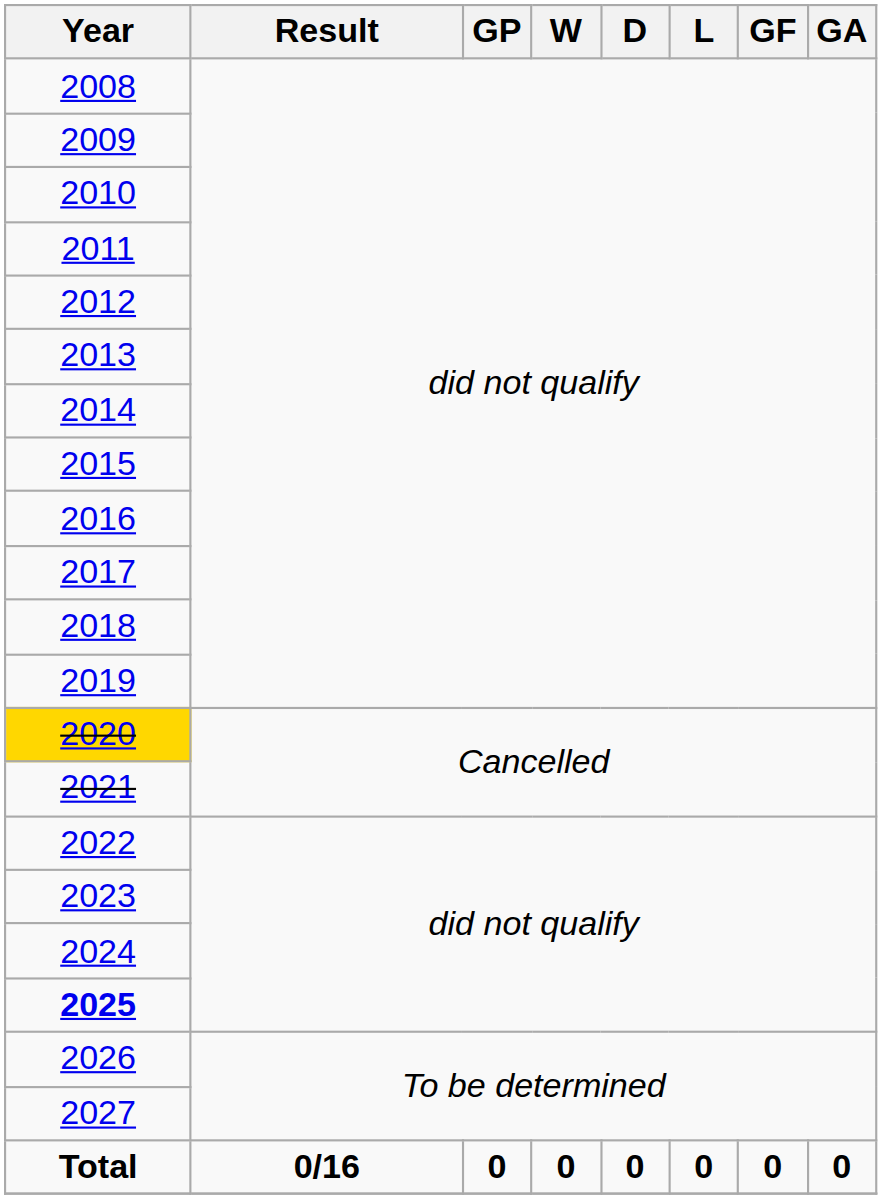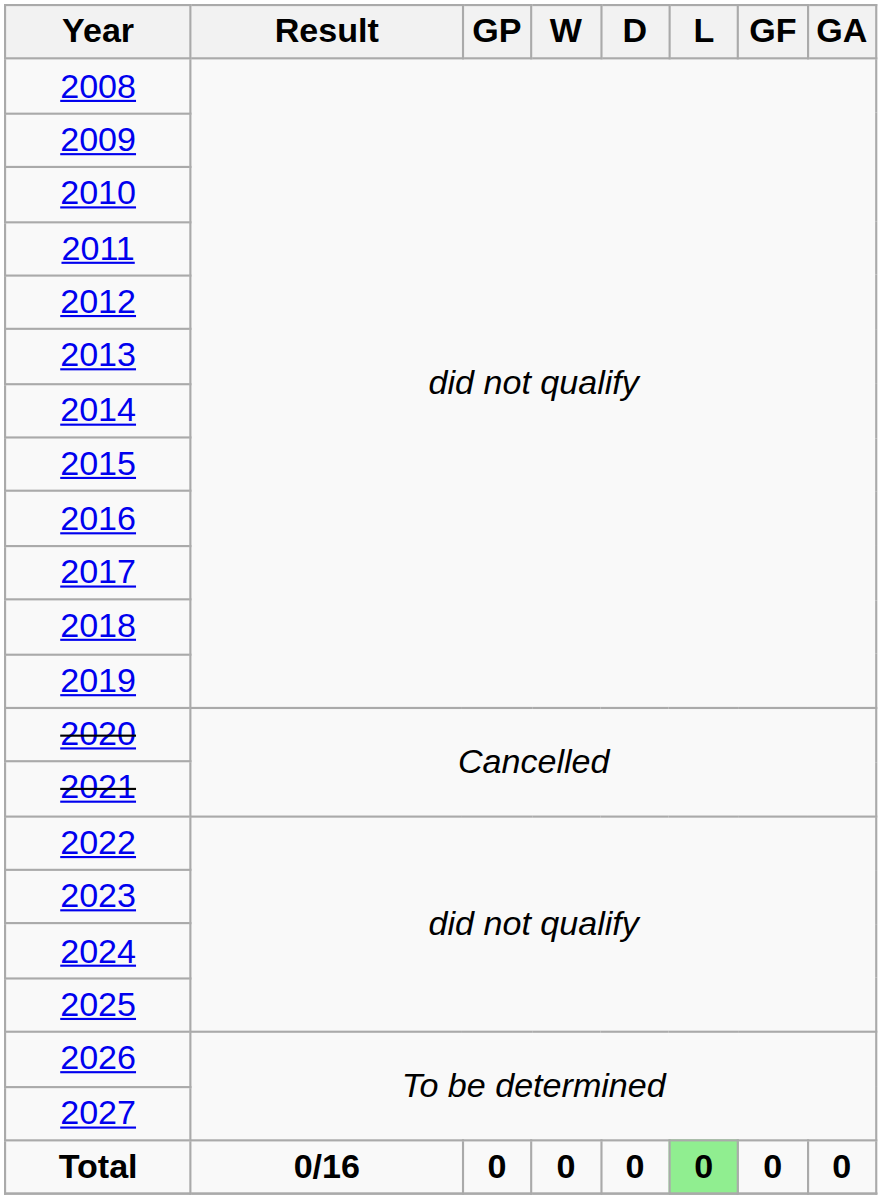 <table class="wikitable" style="text-align: center;">
 <tr>
 <th width=80>Year</th>
 <th width=120>Result</th>
 <th width=25>GP</th>
 <th width=25>W</th>
 <th width=25>D</th>
 <th width=25>L</th>
 <th width=25>GF</th>
 <th width=25>GA</th>
 </tr>
 <tr>
 <td> <a href='#'>2008</a></td>
 <td colspan=7 rowspan=12><em>did not qualify</em></td>
 </tr>
 <tr>
 <td> <a href='#'>2009</a></td>
 </tr>
 <tr>
 <td> <a href='#'>2010</a></td>
 </tr>
 <tr>
 <td> <a href='#'>2011</a></td>
 </tr>
 <tr>
 <td> <a href='#'>2012</a></td>
 </tr>
 <tr>
 <td> <a href='#'>2013</a></td>
 </tr>
 <tr>
 <td> <a href='#'>2014</a></td>
 </tr>
 <tr>
 <td> <a href='#'>2015</a></td>
 </tr>
 <tr>
 <td> <a href='#'>2016</a></td>
 </tr>
 <tr>
 <td> <a href='#'>2017</a></td>
 </tr>
 <tr>
 <td> <a href='#'>2018</a></td>
 </tr>
 <tr>
 <td> <a href='#'>2019</a></td>
 </tr>
 <tr>
-<td style="background: gold;"> <s><a href='#'>2020</a></s></td>
+<td> <s><a href='#'>2020</a></s></td>
 <td colspan=7 rowspan=2><em>Cancelled</em></td>
 </tr>
 <tr>
 <td> <s><a href='#'>2021</a></s></td>
 </tr>
 <tr>
 <td> <a href='#'>2022</a></td>
 <td colspan=7 rowspan=4><em>did not qualify</em></td>
 </tr>
 <tr>
 <td> <a href='#'>2023</a></td>
 </tr>
 <tr>
 <td> <a href='#'>2024</a></td>
 </tr>
 <tr>
-<td><strong> <a href='#'>2025</a></strong></td>
+<td> <a href='#'>2025</a></td>
 </tr>
 <tr>
 <td> <a href='#'>2026</a></td>
 <td colspan=8 rowspan=2><em>To be determined</em></td>
 </tr>
 <tr>
 <td> <a href='#'>2027</a></td>
 </tr>
 <tr>
 <td><strong>Total</strong></td>
 <td><strong>0/16</strong></td>
 <td><strong>0</strong></td>
 <td><strong>0</strong></td>
 <td><strong>0</strong></td>
-<td><strong>0</strong></td>
+<td style="background: lightgreen;"><strong>0</strong></td>
 <td><strong>0</strong></td>
 <td><strong>0</strong></td>
 </tr>
 <tr>
 </tr>
 </table>
